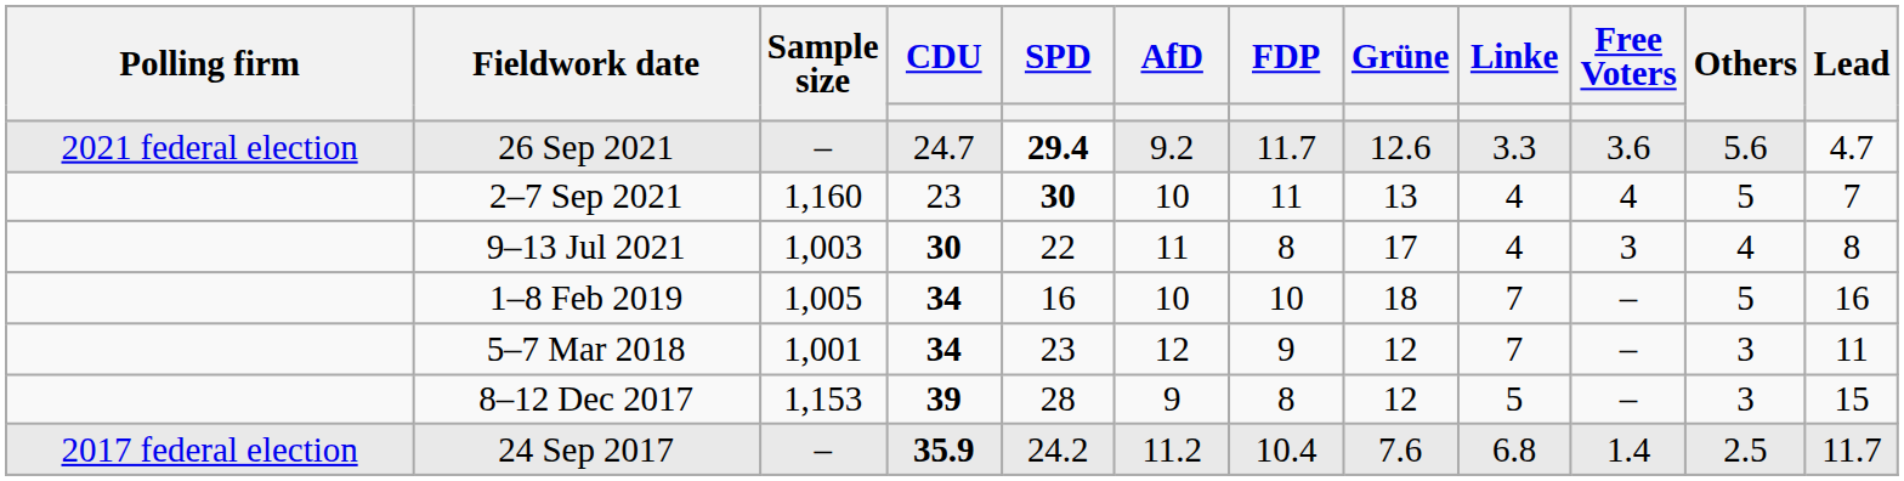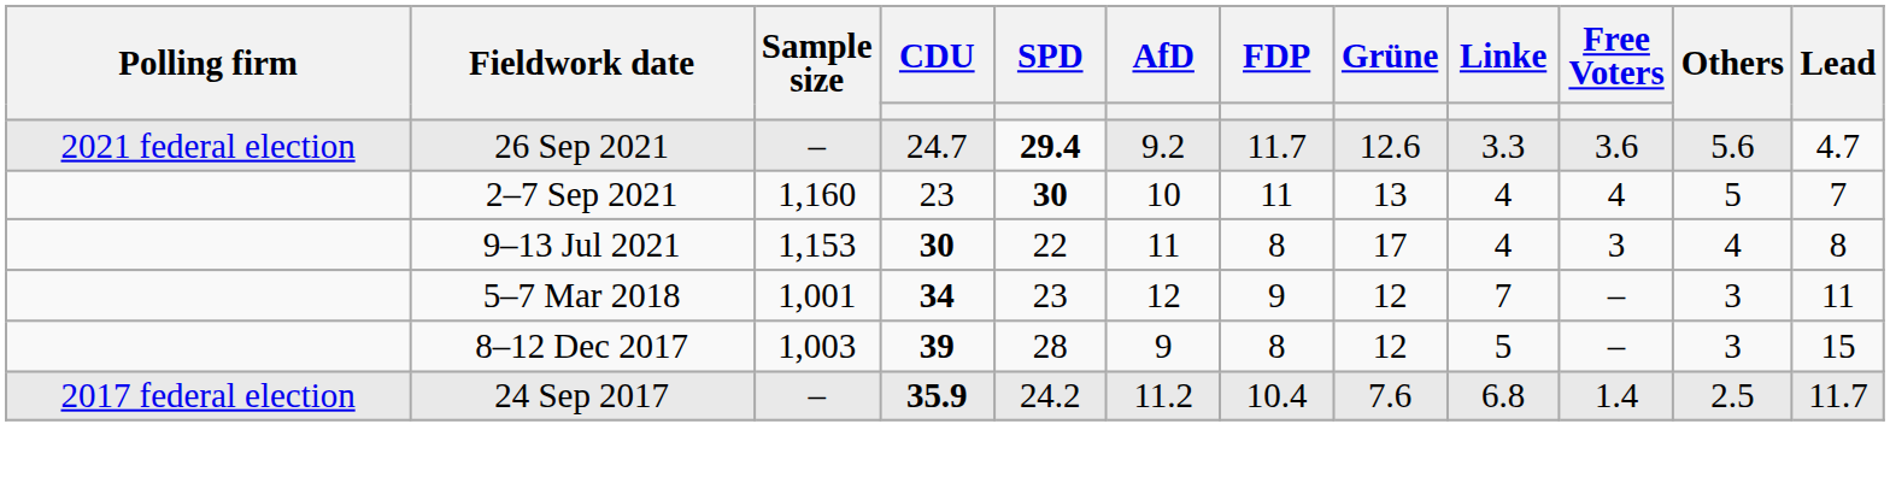 <table class="wikitable sortable mw-datatable" style="text-align:center;font-size:90%;line-height:14px;">
 <tr style="height:40px;">
 <th style="width:160px;" rowspan="2">Polling firm</th>
 <th style="width:135px;" rowspan="2">Fieldwork date</th>
 <th style="width:35px;" rowspan="2">Sample<br>size</th>
 <th class="unsortable" style="width:40px;"><a href='#'>CDU</a></th>
 <th class="unsortable" style="width:40px;"><a href='#'>SPD</a></th>
 <th class="unsortable" style="width:40px;"><a href='#'>AfD</a></th>
 <th class="unsortable" style="width:40px;"><a href='#'>FDP</a></th>
 <th class="unsortable" style="width:40px;"><a href='#'>Grüne</a></th>
 <th class="unsortable" style="width:40px;"><a href='#'>Linke</a></th>
 <th class="unsortable" style="width:40px;"><a href='#'>Free Voters</a></th>
 <th class="unsortable" style="width:30px;" rowspan="2">Others</th>
 <th style="width:30px;" rowspan="2">Lead</th>
 </tr>
 <tr>
 <th style="background:"></th>
 <th style="background:"></th>
 <th style="background:"></th>
 <th style="background:"></th>
 <th style="background:"></th>
 <th style="background:"></th>
 <th style="background:"></th>
 </tr>
 <tr>
 <td style="background:#E9E9E9;"><a href='#'>2021 federal election</a></td>
 <td style="background:#E9E9E9;" data-sort-value="2021-09-26">26 Sep 2021</td>
 <td style="background:#E9E9E9;">–</td>
 <td style="background:#E9E9E9;">24.7</td>
 <td><strong>29.4</strong></td>
 <td style="background:#E9E9E9;">9.2</td>
 <td style="background:#E9E9E9;">11.7</td>
 <td style="background:#E9E9E9;">12.6</td>
 <td style="background:#E9E9E9;">3.3</td>
 <td style="background:#E9E9E9;">3.6</td>
 <td style="background:#E9E9E9;">5.6</td>
 <td style="background:">4.7</td>
 </tr>
 <tr>
 <td></td>
 <td data-sort-value="2021-09-09">2–7 Sep 2021</td>
 <td>1,160</td>
 <td>23</td>
 <td><strong>30</strong></td>
 <td>10</td>
 <td>11</td>
 <td>13</td>
 <td>4</td>
 <td>4</td>
 <td>5</td>
 <td style="background:">7</td>
 </tr>
 <tr>
 <td></td>
 <td data-sort-value="2021-07-15">9–13 Jul 2021</td>
-<td>1,003</td>
+<td>1,153</td>
 <td><strong>30</strong></td>
 <td>22</td>
 <td>11</td>
 <td>8</td>
 <td>17</td>
 <td>4</td>
 <td>3</td>
 <td>4</td>
 <td style="background:">8</td>
-</tr>
-<tr>
-<td></td>
-<td data-sort-value="2019-02-08">1–8 Feb 2019</td>
-<td>1,005</td>
-<td><strong>34</strong></td>
-<td>16</td>
-<td>10</td>
-<td>10</td>
-<td>18</td>
-<td>7</td>
-<td>–</td>
-<td>5</td>
-<td style="background:">16</td>
 </tr>
 <tr>
 <td></td>
 <td data-sort-value="2018-03-07">5–7 Mar 2018</td>
 <td>1,001</td>
 <td><strong>34</strong></td>
 <td>23</td>
 <td>12</td>
 <td>9</td>
 <td>12</td>
 <td>7</td>
 <td>–</td>
 <td>3</td>
 <td style="background:">11</td>
 </tr>
 <tr>
 <td></td>
 <td data-sort-value="2017-12-12">8–12 Dec 2017</td>
-<td>1,153</td>
+<td>1,003</td>
 <td><strong>39</strong></td>
 <td>28</td>
 <td>9</td>
 <td>8</td>
 <td>12</td>
 <td>5</td>
 <td>–</td>
 <td>3</td>
 <td style="background:">15</td>
 </tr>
 <tr style="background:#E9E9E9;">
 <td><a href='#'>2017 federal election</a></td>
 <td data-sort-value="2017-09-24">24 Sep 2017</td>
 <td>–</td>
 <td><strong>35.9</strong></td>
 <td>24.2</td>
 <td>11.2</td>
 <td>10.4</td>
 <td>7.6</td>
 <td>6.8</td>
 <td>1.4</td>
 <td>2.5</td>
 <td style="background:">11.7</td>
 </tr>
 </table>
